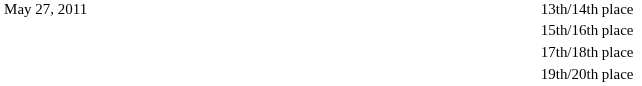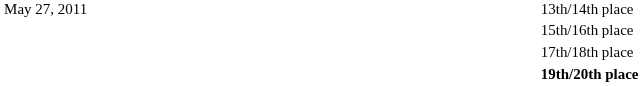 <table style="font-size:90%">
 <tr>
 <td width=100>May 27, 2011</td>
 <td width=150 align=right></td>
 <td width=100 align=center></td>
 <td width=150><strong></strong></td>
 <td width=100>13th/14th place</td>
 </tr>
 <tr>
 <td></td>
 <td width=150 align=right><strong></strong></td>
 <td width=100 align=center></td>
 <td width=150></td>
 <td width=100>15th/16th place</td>
 </tr>
 <tr>
 <td></td>
 <td width=150 align=right><strong></strong></td>
 <td width=100 align=center></td>
 <td width=150></td>
 <td width=100>17th/18th place</td>
 </tr>
 <tr>
 <td></td>
 <td width=150 align=right><strong></strong></td>
 <td width=100 align=center></td>
 <td width=150></td>
-<td width=100>19th/20th place</td>
+<td width=100><strong>19th/20th place</strong></td>
 </tr>
 </table>
